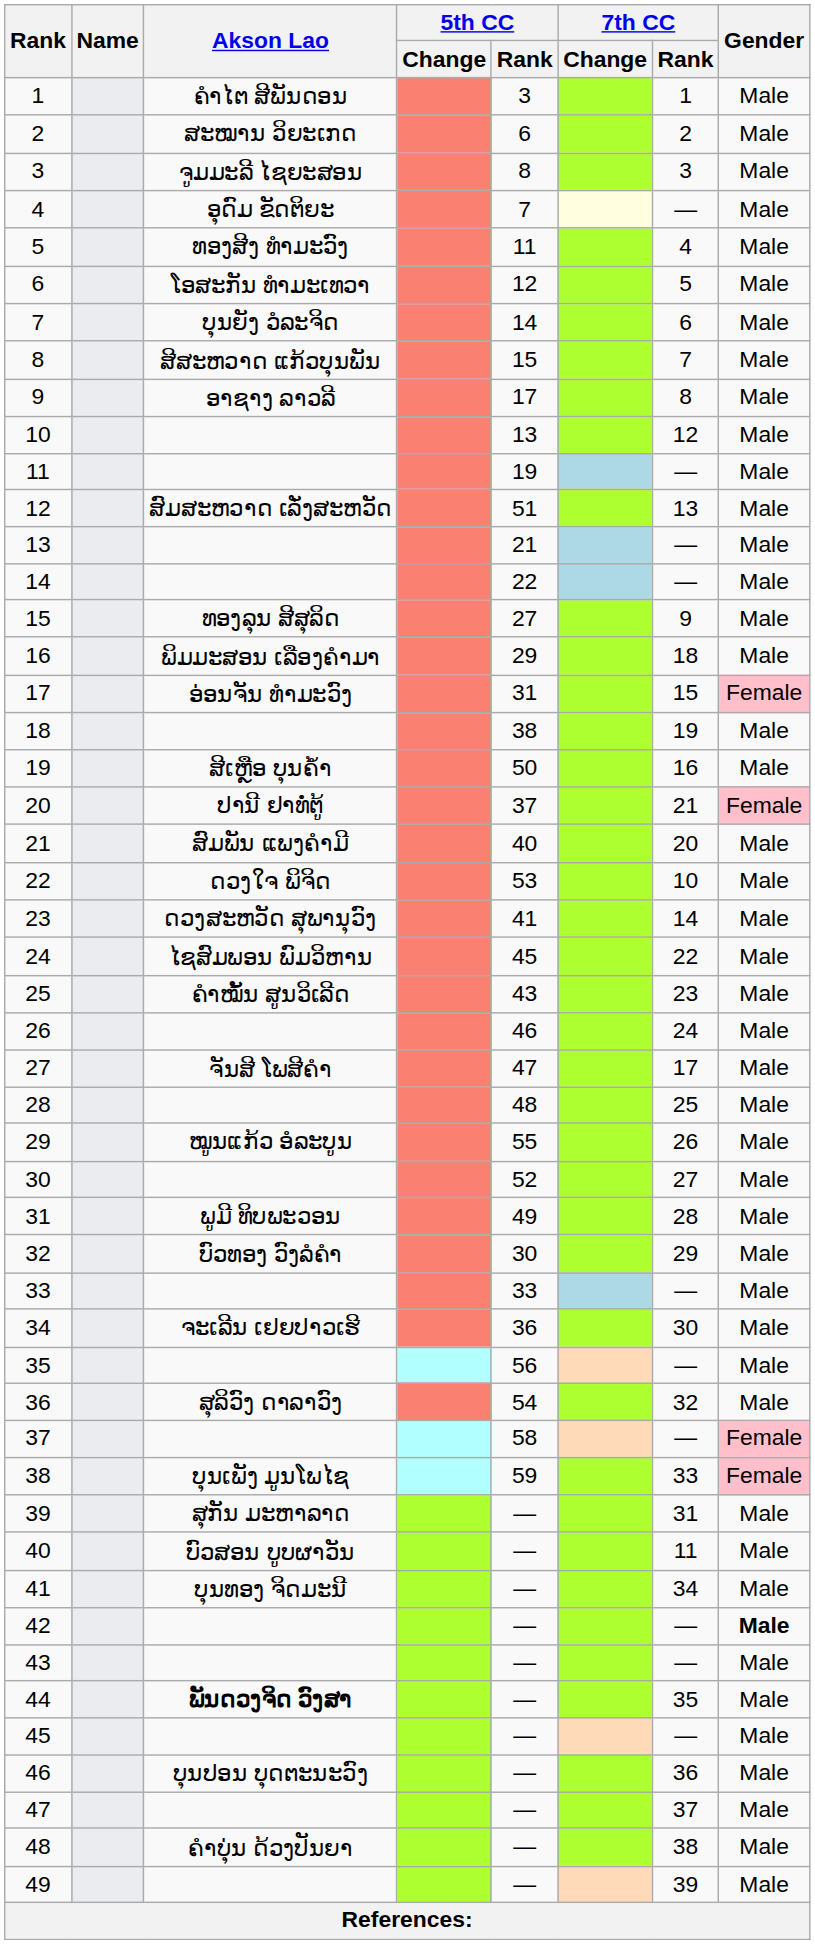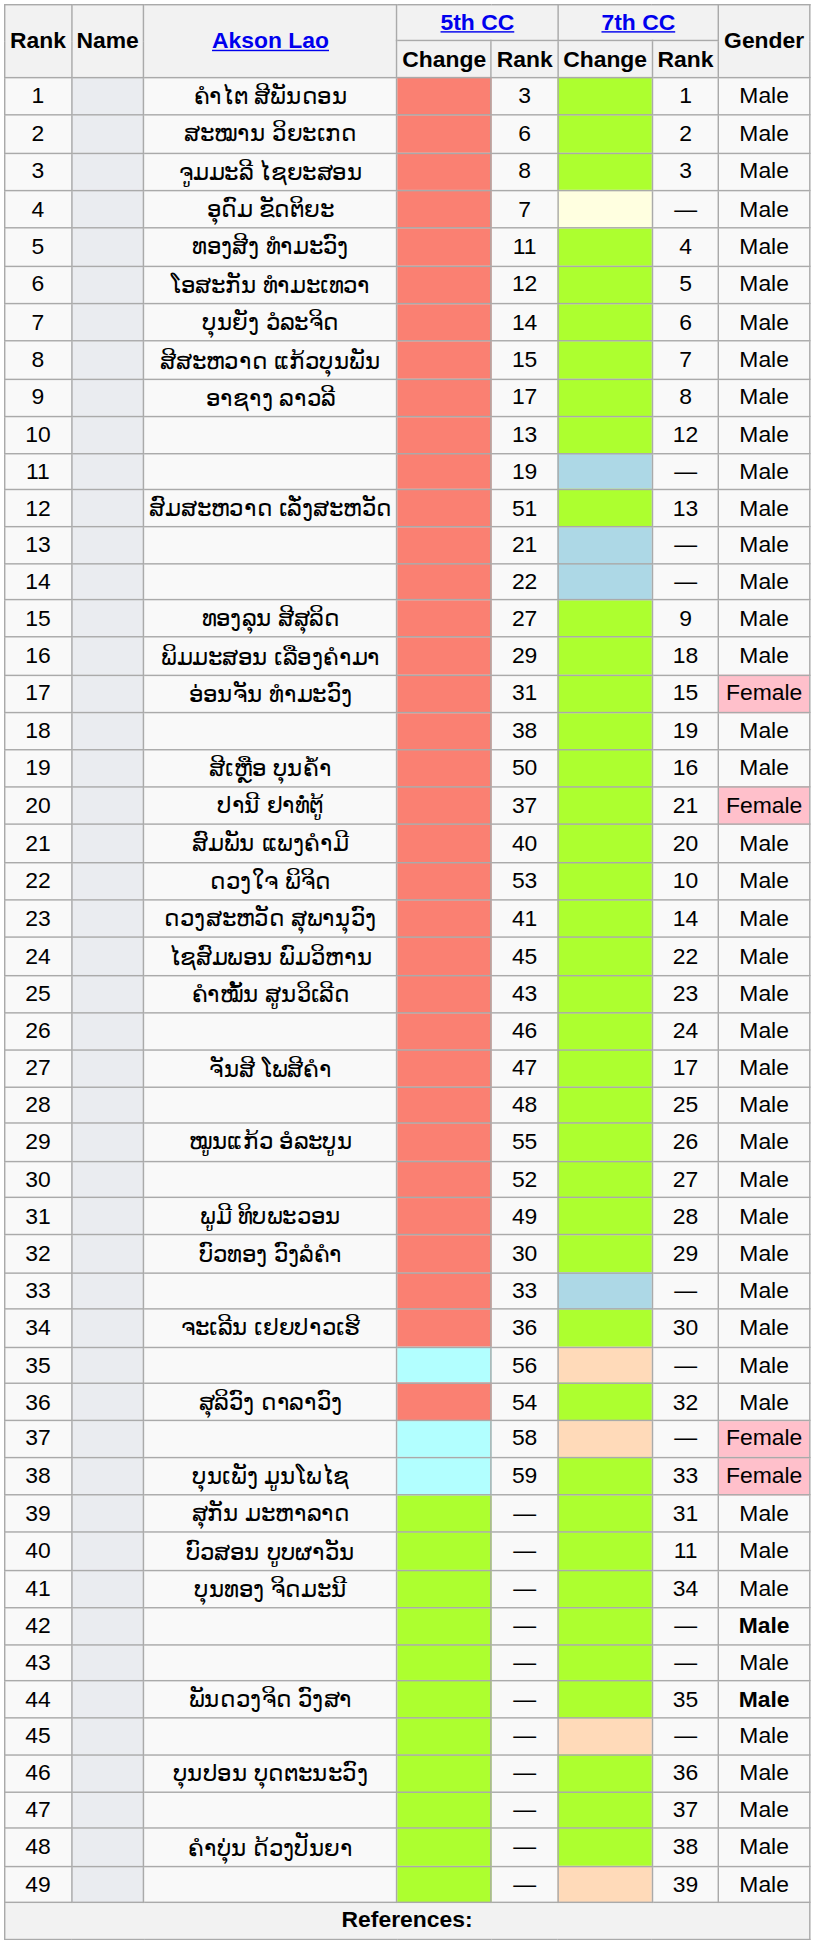 <table class="wikitable sortable" style=text-align:center>
 <tr>
 <th rowspan="2">Rank</th>
 <th rowspan="2">Name</th>
 <th rowspan="2" class="unsortable"><a href='#'>Akson Lao</a></th>
 <th colspan="2 "unsortable><a href='#'>5th CC</a></th>
 <th colspan="2" unsortable><a href='#'>7th CC</a></th>
 <th rowspan="2">Gender</th>
 </tr>
 <tr>
 <th>Change</th>
 <th>Rank</th>
 <th>Change</th>
 <th>Rank</th>
 </tr>
 <tr>
 <td>1</td>
 <td bgcolor = #EAECF0></td>
 <td>ຄຳໄຕ ສີພັນດອນ</td>
 <td bgcolor = Salmon></td>
 <td>3</td>
 <td bgcolor = GreenYellow></td>
 <td>1</td>
 <td>Male</td>
 </tr>
 <tr>
 <td>2</td>
 <td bgcolor = #EAECF0></td>
 <td>ສະໝານ ວິຍະເກດ</td>
 <td bgcolor = Salmon></td>
 <td>6</td>
 <td bgcolor = GreenYellow></td>
 <td>2</td>
 <td>Male</td>
 </tr>
 <tr>
 <td>3</td>
 <td bgcolor = #EAECF0></td>
 <td>ຈູມມະລີ ໄຊຍະສອນ</td>
 <td bgcolor = Salmon></td>
 <td>8</td>
 <td bgcolor = GreenYellow></td>
 <td>3</td>
 <td>Male</td>
 </tr>
 <tr>
 <td>4</td>
 <td bgcolor = #EAECF0></td>
 <td>ອຸດົມ ຂັດຕິຍະ</td>
 <td bgcolor = Salmon></td>
 <td>7</td>
 <td bgcolor = LightYellow></td>
 <td data-sort-value="100">—</td>
 <td>Male</td>
 </tr>
 <tr>
 <td>5</td>
 <td bgcolor = #EAECF0></td>
 <td>ທອງສີງ ທໍາມະວົງ</td>
 <td bgcolor = Salmon></td>
 <td>11</td>
 <td bgcolor = GreenYellow></td>
 <td>4</td>
 <td>Male</td>
 </tr>
 <tr>
 <td>6</td>
 <td bgcolor = #EAECF0></td>
 <td>ໂອສະກັນ ທໍາມະເທວາ</td>
 <td bgcolor = Salmon></td>
 <td>12</td>
 <td bgcolor = GreenYellow></td>
 <td>5</td>
 <td>Male</td>
 </tr>
 <tr>
 <td>7</td>
 <td bgcolor = #EAECF0></td>
 <td>ບຸນຍັງ ວໍລະຈິດ</td>
 <td bgcolor = Salmon></td>
 <td>14</td>
 <td bgcolor = GreenYellow></td>
 <td>6</td>
 <td>Male</td>
 </tr>
 <tr>
 <td>8</td>
 <td bgcolor = #EAECF0></td>
 <td>ສີສະຫວາດ ແກ້ວບຸນພັນ</td>
 <td bgcolor = Salmon></td>
 <td>15</td>
 <td bgcolor = GreenYellow></td>
 <td>7</td>
 <td>Male</td>
 </tr>
 <tr>
 <td>9</td>
 <td bgcolor = #EAECF0></td>
 <td>ອາຊາງ ລາວລີ</td>
 <td bgcolor = Salmon></td>
 <td>17</td>
 <td bgcolor = GreenYellow></td>
 <td>8</td>
 <td>Male</td>
 </tr>
 <tr>
 <td>10</td>
 <td bgcolor = #EAECF0></td>
 <td></td>
 <td bgcolor = Salmon></td>
 <td>13</td>
 <td bgcolor = GreenYellow></td>
 <td>12</td>
 <td>Male</td>
 </tr>
 <tr>
 <td>11</td>
 <td bgcolor = #EAECF0></td>
 <td></td>
 <td bgcolor = Salmon></td>
 <td>19</td>
 <td bgcolor = LightBlue></td>
 <td data-sort-value="100">—</td>
 <td>Male</td>
 </tr>
 <tr>
 <td>12</td>
 <td bgcolor = #EAECF0></td>
 <td>ສົມສະຫວາດ ເລັ່ງສະຫວັດ</td>
 <td bgcolor = Salmon></td>
 <td>51</td>
 <td bgcolor = GreenYellow></td>
 <td>13</td>
 <td>Male</td>
 </tr>
 <tr>
 <td>13</td>
 <td bgcolor = #EAECF0></td>
 <td></td>
 <td bgcolor = Salmon></td>
 <td>21</td>
 <td bgcolor = LightBlue></td>
 <td data-sort-value="100">—</td>
 <td>Male</td>
 </tr>
 <tr>
 <td>14</td>
 <td bgcolor = #EAECF0></td>
 <td></td>
 <td bgcolor = Salmon></td>
 <td>22</td>
 <td bgcolor = LightBlue></td>
 <td data-sort-value="100">—</td>
 <td>Male</td>
 </tr>
 <tr>
 <td>15</td>
 <td bgcolor = #EAECF0></td>
 <td>ທອງລຸນ ສີສຸລິດ</td>
 <td bgcolor = Salmon></td>
 <td>27</td>
 <td bgcolor = GreenYellow></td>
 <td>9</td>
 <td>Male</td>
 </tr>
 <tr>
 <td>16</td>
 <td bgcolor = #EAECF0></td>
 <td>ພິມມະສອນ ເລືອງຄຳມາ</td>
 <td bgcolor = Salmon></td>
 <td>29</td>
 <td bgcolor = GreenYellow></td>
 <td>18</td>
 <td>Male</td>
 </tr>
 <tr>
 <td>17</td>
 <td bgcolor = #EAECF0></td>
 <td>ອ່ອນຈັນ ທຳມະວົງ</td>
 <td bgcolor = Salmon></td>
 <td>31</td>
 <td bgcolor = GreenYellow></td>
 <td>15</td>
 <td bgcolor = Pink>Female</td>
 </tr>
 <tr>
 <td>18</td>
 <td bgcolor = #EAECF0></td>
 <td></td>
 <td bgcolor = Salmon></td>
 <td>38</td>
 <td bgcolor = GreenYellow></td>
 <td>19</td>
 <td>Male</td>
 </tr>
 <tr>
 <td>19</td>
 <td bgcolor = #EAECF0></td>
 <td>ສີເຫຼືອ ບຸນຄ້ໍາ</td>
 <td bgcolor = Salmon></td>
 <td>50</td>
 <td bgcolor = GreenYellow></td>
 <td>16</td>
 <td>Male</td>
 </tr>
 <tr>
 <td>20</td>
 <td bgcolor = #EAECF0></td>
 <td>ປານີ ຢາທໍ່ຕູ້</td>
 <td bgcolor = Salmon></td>
 <td>37</td>
 <td bgcolor = GreenYellow></td>
 <td>21</td>
 <td bgcolor = Pink>Female</td>
 </tr>
 <tr>
 <td>21</td>
 <td bgcolor = #EAECF0></td>
 <td>ສົມພັນ ແພງຄຳມີ</td>
 <td bgcolor = Salmon></td>
 <td>40</td>
 <td bgcolor = GreenYellow></td>
 <td>20</td>
 <td>Male</td>
 </tr>
 <tr>
 <td>22</td>
 <td bgcolor = #EAECF0></td>
 <td>ດວງໃຈ ພິຈິດ</td>
 <td bgcolor = Salmon></td>
 <td>53</td>
 <td bgcolor = GreenYellow></td>
 <td>10</td>
 <td>Male</td>
 </tr>
 <tr>
 <td>23</td>
 <td bgcolor = #EAECF0></td>
 <td>ດວງສະຫວັດ ສຸພານຸວົງ</td>
 <td bgcolor = Salmon></td>
 <td>41</td>
 <td bgcolor = GreenYellow></td>
 <td>14</td>
 <td>Male</td>
 </tr>
 <tr>
 <td>24</td>
 <td bgcolor = #EAECF0></td>
 <td>ໄຊສົມພອນ ພົມວິຫານ</td>
 <td bgcolor = Salmon></td>
 <td>45</td>
 <td bgcolor = GreenYellow></td>
 <td>22</td>
 <td>Male</td>
 </tr>
 <tr>
 <td>25</td>
 <td bgcolor = #EAECF0></td>
 <td>ຄຳໝັ້ນ ສູນວິເລີດ</td>
 <td bgcolor = Salmon></td>
 <td>43</td>
 <td bgcolor = GreenYellow></td>
 <td>23</td>
 <td>Male</td>
 </tr>
 <tr>
 <td>26</td>
 <td bgcolor = #EAECF0></td>
 <td></td>
 <td bgcolor = Salmon></td>
 <td>46</td>
 <td bgcolor = GreenYellow></td>
 <td>24</td>
 <td>Male</td>
 </tr>
 <tr>
 <td>27</td>
 <td bgcolor = #EAECF0></td>
 <td>ຈັນສີ ໂພສີຄຳ</td>
 <td bgcolor = Salmon></td>
 <td>47</td>
 <td bgcolor = GreenYellow></td>
 <td>17</td>
 <td>Male</td>
 </tr>
 <tr>
 <td>28</td>
 <td bgcolor = #EAECF0></td>
 <td></td>
 <td bgcolor = Salmon></td>
 <td>48</td>
 <td bgcolor = GreenYellow></td>
 <td>25</td>
 <td>Male</td>
 </tr>
 <tr>
 <td>29</td>
 <td bgcolor = #EAECF0></td>
 <td>ໝູນແກ້ວ ອໍລະບູນ</td>
 <td bgcolor = Salmon></td>
 <td>55</td>
 <td bgcolor = GreenYellow></td>
 <td>26</td>
 <td>Male</td>
 </tr>
 <tr>
 <td>30</td>
 <td bgcolor = #EAECF0></td>
 <td></td>
 <td bgcolor = Salmon></td>
 <td>52</td>
 <td bgcolor = GreenYellow></td>
 <td>27</td>
 <td>Male</td>
 </tr>
 <tr>
 <td>31</td>
 <td bgcolor = #EAECF0></td>
 <td>ພູມີ ທິບພະວອນ</td>
 <td bgcolor = Salmon></td>
 <td>49</td>
 <td bgcolor = GreenYellow></td>
 <td>28</td>
 <td>Male</td>
 </tr>
 <tr>
 <td>32</td>
 <td bgcolor = #EAECF0></td>
 <td>ບົວທອງ ວົງລໍຄຳ</td>
 <td bgcolor = Salmon></td>
 <td>30</td>
 <td bgcolor = GreenYellow></td>
 <td>29</td>
 <td>Male</td>
 </tr>
 <tr>
 <td>33</td>
 <td bgcolor = #EAECF0></td>
 <td></td>
 <td bgcolor = Salmon></td>
 <td>33</td>
 <td bgcolor = LightBlue></td>
 <td data-sort-value="100">—</td>
 <td>Male</td>
 </tr>
 <tr>
 <td>34</td>
 <td bgcolor = #EAECF0></td>
 <td>ຈະເລີນ ເຢຍປາວເຮີ</td>
 <td bgcolor = Salmon></td>
 <td>36</td>
 <td bgcolor = GreenYellow></td>
 <td>30</td>
 <td>Male</td>
 </tr>
 <tr>
 <td>35</td>
 <td bgcolor = #EAECF0></td>
 <td></td>
 <td bgcolor = #B2FFFF></td>
 <td>56</td>
 <td bgcolor = PeachPuff></td>
 <td data-sort-value="100">—</td>
 <td>Male</td>
 </tr>
 <tr>
 <td>36</td>
 <td bgcolor = #EAECF0></td>
 <td>ສຸລິວົງ ດາລາວົງ</td>
 <td bgcolor = Salmon></td>
 <td>54</td>
 <td bgcolor = GreenYellow></td>
 <td>32</td>
 <td>Male</td>
 </tr>
 <tr>
 <td>37</td>
 <td bgcolor = #EAECF0></td>
 <td></td>
 <td bgcolor = #B2FFFF></td>
 <td>58</td>
 <td bgcolor = PeachPuff></td>
 <td data-sort-value="100">—</td>
 <td bgcolor = Pink>Female</td>
 </tr>
 <tr>
 <td>38</td>
 <td bgcolor = #EAECF0></td>
 <td>ບຸນເພັງ ມູນໂພໄຊ</td>
 <td bgcolor = #B2FFFF></td>
 <td>59</td>
 <td bgcolor = GreenYellow></td>
 <td>33</td>
 <td bgcolor = Pink>Female</td>
 </tr>
 <tr>
 <td>39</td>
 <td bgcolor = #EAECF0></td>
 <td>ສຸກັນ ມະຫາລາດ</td>
 <td bgcolor = GreenYellow></td>
 <td data-sort-value="100">—</td>
 <td bgcolor = GreenYellow></td>
 <td>31</td>
 <td>Male</td>
 </tr>
 <tr>
 <td>40</td>
 <td bgcolor = #EAECF0></td>
 <td>ບົວສອນ ບູບຜາວັນ</td>
 <td bgcolor = GreenYellow></td>
 <td data-sort-value="100">—</td>
 <td bgcolor = GreenYellow></td>
 <td>11</td>
 <td>Male</td>
 </tr>
 <tr>
 <td>41</td>
 <td bgcolor = #EAECF0></td>
 <td>ບຸນທອງ ຈິດມະນີ</td>
 <td bgcolor = GreenYellow></td>
 <td data-sort-value="100">—</td>
 <td bgcolor = GreenYellow></td>
 <td>34</td>
 <td>Male</td>
 </tr>
 <tr>
 <td>42</td>
 <td bgcolor = #EAECF0></td>
 <td></td>
 <td bgcolor = GreenYellow></td>
 <td data-sort-value="100">—</td>
 <td bgcolor = GreenYellow></td>
 <td data-sort-value="100">—</td>
 <td><strong>Male</strong></td>
 </tr>
 <tr>
 <td>43</td>
 <td bgcolor = #EAECF0></td>
 <td></td>
 <td bgcolor = GreenYellow></td>
 <td data-sort-value="100">—</td>
 <td bgcolor = GreenYellow></td>
 <td data-sort-value="100">—</td>
 <td>Male</td>
 </tr>
 <tr>
 <td>44</td>
 <td bgcolor = #EAECF0></td>
-<td><strong>ພັນດວງຈິດ ວົງສາ</strong></td>
+<td>ພັນດວງຈິດ ວົງສາ</td>
 <td bgcolor = GreenYellow></td>
 <td data-sort-value="100">—</td>
 <td bgcolor = GreenYellow></td>
 <td>35</td>
-<td>Male</td>
+<td><strong>Male</strong></td>
 </tr>
 <tr>
 <td>45</td>
 <td bgcolor = #EAECF0></td>
 <td></td>
 <td bgcolor = GreenYellow></td>
 <td data-sort-value="100">—</td>
 <td bgcolor = PeachPuff></td>
 <td data-sort-value="100">—</td>
 <td>Male</td>
 </tr>
 <tr>
 <td>46</td>
 <td bgcolor = #EAECF0></td>
 <td>ບຸນປອນ ບຸດຕະນະວົງ</td>
 <td bgcolor = GreenYellow></td>
 <td data-sort-value="100">—</td>
 <td bgcolor = GreenYellow></td>
 <td>36</td>
 <td>Male</td>
 </tr>
 <tr>
 <td>47</td>
 <td bgcolor = #EAECF0></td>
 <td></td>
 <td bgcolor = GreenYellow></td>
 <td data-sort-value="100">—</td>
 <td bgcolor = GreenYellow></td>
 <td>37</td>
 <td>Male</td>
 </tr>
 <tr>
 <td>48</td>
 <td bgcolor = #EAECF0></td>
 <td>ຄຳບຸ່ນ ດ້ວງປັນຍາ</td>
 <td bgcolor = GreenYellow></td>
 <td data-sort-value="100">—</td>
 <td bgcolor = GreenYellow></td>
 <td>38</td>
 <td>Male</td>
 </tr>
 <tr>
 <td>49</td>
 <td bgcolor = #EAECF0></td>
 <td></td>
 <td bgcolor = GreenYellow></td>
 <td data-sort-value="100">—</td>
 <td bgcolor = PeachPuff></td>
 <td>39</td>
 <td>Male</td>
 </tr>
 <tr class=sortbottom>
 <th colspan = "8" align = left><strong>References:</strong><br></th>
 </tr>
 </table>
